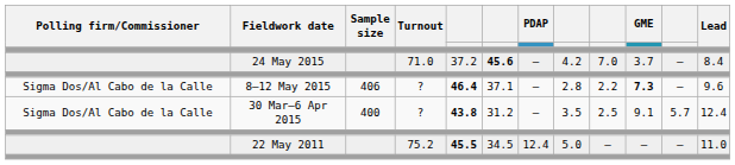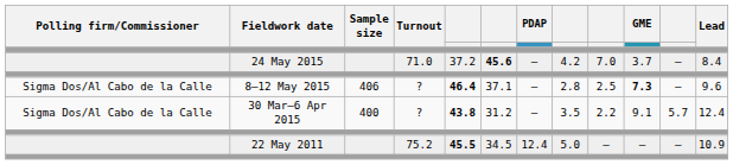 <table class="wikitable collapsible collapsed" style="text-align:center; font-size:95%; line-height:16px;">
 <tr style="height:42px;">
 <th style="width:250px;" rowspan="2">Polling firm/Commissioner</th>
 <th style="width:125px;" rowspan="2">Fieldwork date</th>
 <th style="width:50px;" rowspan="2">Sample size</th>
 <th style="width:45px;" rowspan="2">Turnout</th>
 <th style="width:35px;"></th>
 <th style="width:35px;"></th>
 <th style="width:35px; font-size:95%;">PDAP</th>
 <th style="width:35px;"></th>
 <th style="width:35px;"></th>
 <th style="width:35px;">GME</th>
 <th style="width:35px;"></th>
 <th style="width:30px;" rowspan="2">Lead</th>
 </tr>
 <tr>
 <th style="color:inherit;background:"></th>
 <th style="color:inherit;background:"></th>
 <th style="color:inherit;background:#3493C1;"></th>
 <th style="color:inherit;background:"></th>
 <th style="color:inherit;background:"></th>
 <th style="color:inherit;background:#2396B1;"></th>
 <th style="color:inherit;background:"></th>
 </tr>
 <tr>
 <td colspan="12" style="background:#A0A0A0"></td>
 </tr>
 <tr style="background:#EFEFEF;">
 <td><strong></strong></td>
 <td>24 May 2015</td>
 <td></td>
 <td>71.0</td>
 <td>37.2<br></td>
 <td><strong>45.6</strong><br></td>
 <td>–</td>
 <td>4.2<br></td>
 <td>7.0<br></td>
 <td>3.7<br></td>
 <td>–</td>
 <td style="background:">8.4</td>
 </tr>
 <tr>
 <td colspan="12" style="background:#A0A0A0"></td>
 </tr>
 <tr>
 <td>Sigma Dos/Al Cabo de la Calle</td>
 <td>8–12 May 2015</td>
 <td>406</td>
 <td>?</td>
 <td><strong>46.4</strong><br></td>
 <td>37.1<br></td>
 <td>–</td>
 <td>2.8<br></td>
-<td>2.2<br></td>
+<td>2.5<br></td>
 <td><strong>7.3<br></strong></td>
 <td>–</td>
 <td style="background:">9.6</td>
 </tr>
 <tr>
 <td>Sigma Dos/Al Cabo de la Calle</td>
 <td>30 Mar–6 Apr 2015</td>
 <td>400</td>
 <td>?</td>
 <td><strong>43.8</strong><br></td>
 <td>31.2<br></td>
 <td>–</td>
 <td>3.5<br></td>
-<td>2.5<br></td>
+<td>2.2<br></td>
 <td>9.1<br></td>
 <td>5.7<br></td>
 <td style="background:">12.4</td>
 </tr>
 <tr>
 <td colspan="12" style="background:#A0A0A0"></td>
 </tr>
 <tr style="background:#EFEFEF;">
 <td><strong></strong></td>
 <td>22 May 2011</td>
 <td></td>
 <td>75.2</td>
 <td><strong>45.5</strong><br></td>
 <td>34.5<br></td>
 <td>12.4<br></td>
 <td>5.0<br></td>
 <td>–</td>
 <td>–</td>
 <td>–</td>
-<td style="background:">11.0</td>
+<td style="background:">10.9</td>
 </tr>
 <tr>
 <td colspan="12" style="background:#A0A0A0"></td>
 </tr>
 </table>
